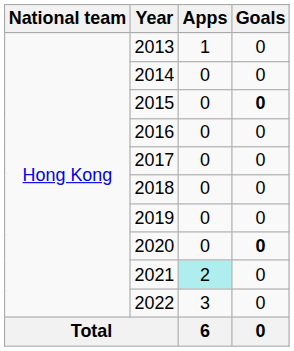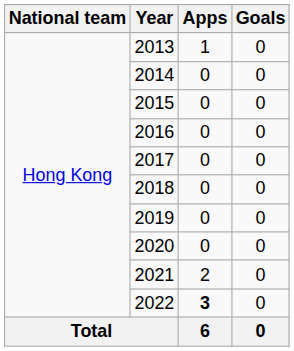 <table class="wikitable" style="text-align:center">
 <tr>
 <th>National team</th>
 <th>Year</th>
 <th>Apps</th>
 <th>Goals</th>
 </tr>
 <tr>
 <td rowspan="10"><a href='#'>Hong Kong</a></td>
 <td>2013</td>
 <td>1</td>
 <td>0</td>
 </tr>
 <tr>
 <td>2014</td>
 <td>0</td>
 <td>0</td>
 </tr>
 <tr>
 <td>2015</td>
 <td>0</td>
-<td><strong>0</strong></td>
+<td>0</td>
 </tr>
 <tr>
 <td>2016</td>
 <td>0</td>
 <td>0</td>
 </tr>
 <tr>
 <td>2017</td>
 <td>0</td>
 <td>0</td>
 </tr>
 <tr>
 <td>2018</td>
 <td>0</td>
 <td>0</td>
 </tr>
 <tr>
 <td>2019</td>
 <td>0</td>
 <td>0</td>
 </tr>
 <tr>
 <td>2020</td>
 <td>0</td>
-<td><strong>0</strong></td>
+<td>0</td>
 </tr>
 <tr>
 <td>2021</td>
-<td style="background: paleturquoise;">2</td>
+<td>2</td>
 <td>0</td>
 </tr>
 <tr>
 <td>2022</td>
-<td>3</td>
+<td><strong>3</strong></td>
 <td>0</td>
 </tr>
 <tr>
 <th colspan=2>Total</th>
 <th>6</th>
 <th>0</th>
 </tr>
 </table>
